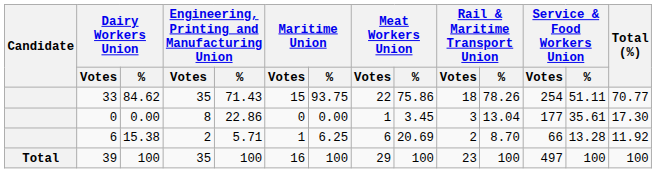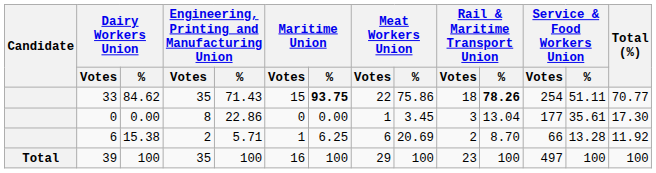 <table class="wikitable plainrowheaders">
 <tr>
 <th scope="col" rowspan="2">Candidate</th>
 <th scope="col" colspan="2"><a href='#'>Dairy Workers Union</a></th>
 <th scope="col" colspan="2"><a href='#'>Engineering, Printing and Manufacturing Union</a></th>
 <th scope="col" colspan="2"><a href='#'>Maritime Union</a></th>
 <th scope="col" colspan="2"><a href='#'>Meat Workers Union</a></th>
 <th scope="col" colspan="2"><a href='#'>Rail & Maritime Transport Union</a></th>
 <th scope="col" colspan="2"><a href='#'>Service & Food Workers Union</a></th>
 <th scope="col" rowspan="2">Total (%)</th>
 </tr>
 <tr>
 <th scope="col">Votes</th>
 <th scope="col">%</th>
 <th scope="col">Votes</th>
 <th scope="col">%</th>
 <th scope="col">Votes</th>
 <th scope="col">%</th>
 <th scope="col">Votes</th>
 <th scope="col">%</th>
 <th scope="col">Votes</th>
 <th scope="col">%</th>
 <th scope="col">Votes</th>
 <th scope="col">%</th>
 </tr>
 <tr>
 <th scope="row"></th>
 <td align="right">33</td>
 <td align="right">84.62</td>
 <td align="right">35</td>
 <td align="right">71.43</td>
 <td align="right">15</td>
-<td align="right">93.75</td>
+<td align="right"><strong>93.75</strong></td>
 <td align="right">22</td>
 <td align="right">75.86</td>
 <td align="right">18</td>
-<td align="right">78.26</td>
+<td align="right"><strong>78.26</strong></td>
 <td align="right">254</td>
 <td align="right">51.11</td>
 <td align="right">70.77</td>
 </tr>
 <tr>
 <th scope="row" align="left"></th>
 <td align="right">0</td>
 <td align="right">0.00</td>
 <td align="right">8</td>
 <td align="right">22.86</td>
 <td align="right">0</td>
 <td align="right">0.00</td>
 <td align="right">1</td>
 <td align="right">3.45</td>
 <td align="right">3</td>
 <td align="right">13.04</td>
 <td align="right">177</td>
 <td align="right">35.61</td>
 <td align="right">17.30</td>
 </tr>
 <tr>
 <th scope="row" align="left"></th>
 <td align="right">6</td>
 <td align="right">15.38</td>
 <td align="right">2</td>
 <td align="right">5.71</td>
 <td align="right">1</td>
 <td align="right">6.25</td>
 <td align="right">6</td>
 <td align="right">20.69</td>
 <td align="right">2</td>
 <td align="right">8.70</td>
 <td align="right">66</td>
 <td align="right">13.28</td>
 <td align="right">11.92</td>
 </tr>
 <tr>
 <th scope="row" align="left"><strong>Total</strong></th>
 <td align="right">39</td>
 <td align="right">100</td>
 <td align="right">35</td>
 <td align="right">100</td>
 <td align="right">16</td>
 <td align="right">100</td>
 <td align="right">29</td>
 <td align="right">100</td>
 <td align="right">23</td>
 <td align="right">100</td>
 <td align="right">497</td>
 <td align="right">100</td>
 <td align="right">100</td>
 </tr>
 </table>
